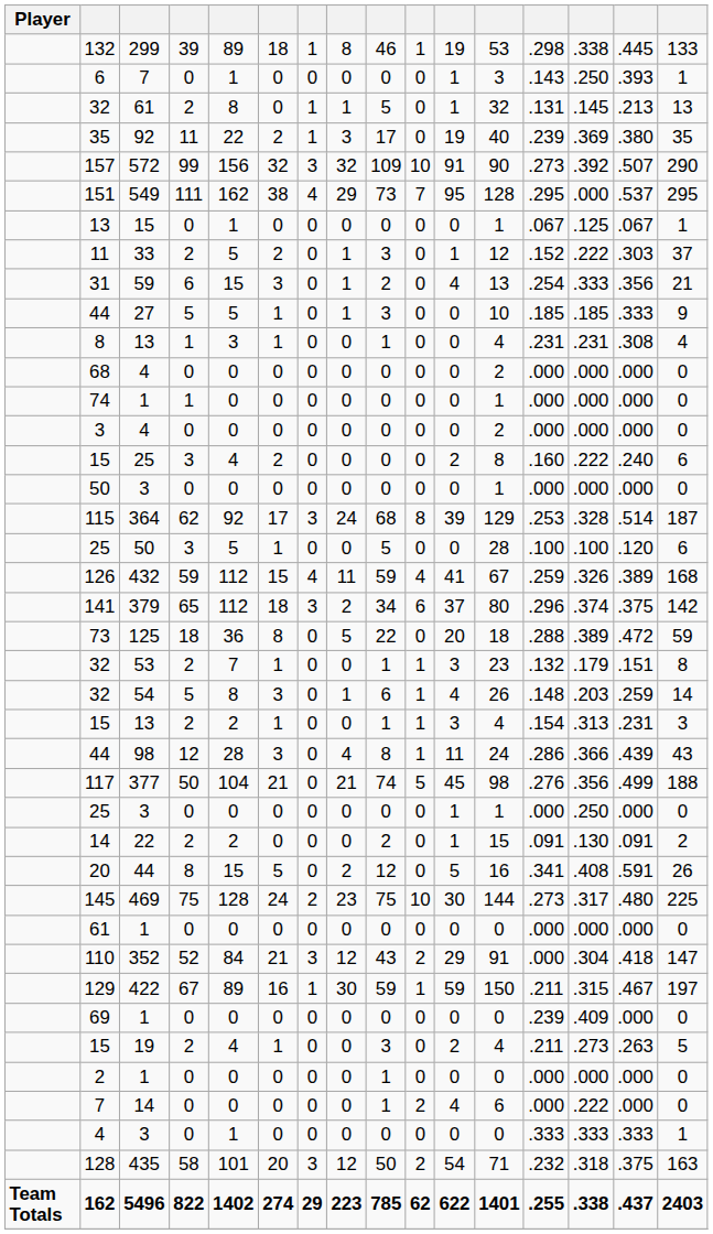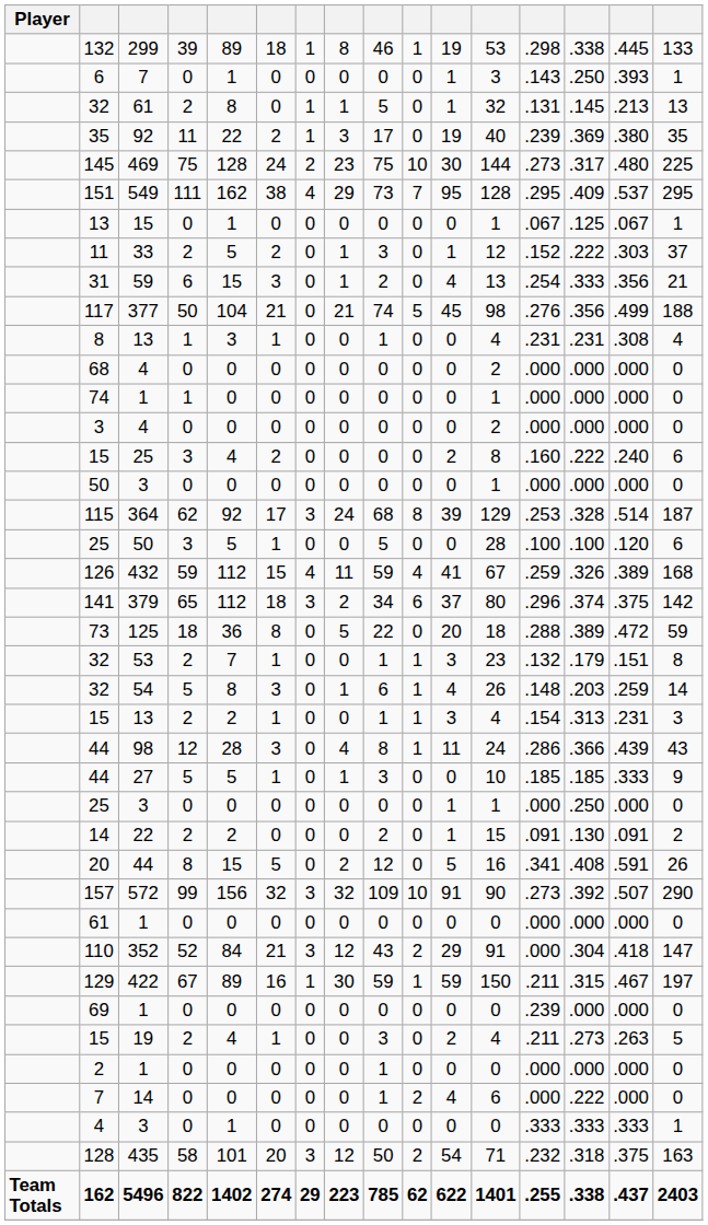 <table class="wikitable sortable" style="text-align:center;">
 <tr>
 <th>Player</th>
 <th></th>
 <th></th>
 <th></th>
 <th></th>
 <th></th>
 <th></th>
 <th></th>
 <th></th>
 <th></th>
 <th></th>
 <th></th>
 <th></th>
 <th></th>
 <th></th>
 <th></th>
 </tr>
 <tr>
 <td align=left></td>
 <td>132</td>
 <td>299</td>
 <td>39</td>
 <td>89</td>
 <td>18</td>
 <td>1</td>
 <td>8</td>
 <td>46</td>
 <td>1</td>
 <td>19</td>
 <td>53</td>
 <td>.298</td>
 <td>.338</td>
 <td>.445</td>
 <td>133</td>
 </tr>
 <tr>
 <td align=left></td>
 <td>6</td>
 <td>7</td>
 <td>0</td>
 <td>1</td>
 <td>0</td>
 <td>0</td>
 <td>0</td>
 <td>0</td>
 <td>0</td>
 <td>1</td>
 <td>3</td>
 <td>.143</td>
 <td>.250</td>
 <td>.393</td>
 <td>1</td>
 </tr>
 <tr>
 <td align=left></td>
 <td>32</td>
 <td>61</td>
 <td>2</td>
 <td>8</td>
 <td>0</td>
 <td>1</td>
 <td>1</td>
 <td>5</td>
 <td>0</td>
 <td>1</td>
 <td>32</td>
 <td>.131</td>
 <td>.145</td>
 <td>.213</td>
 <td>13</td>
 </tr>
 <tr>
 <td align=left></td>
 <td>35</td>
 <td>92</td>
 <td>11</td>
 <td>22</td>
 <td>2</td>
 <td>1</td>
 <td>3</td>
 <td>17</td>
 <td>0</td>
 <td>19</td>
 <td>40</td>
 <td>.239</td>
 <td>.369</td>
 <td>.380</td>
 <td>35</td>
 </tr>
 <tr>
 <td align=left></td>
-<td>157</td>
-<td>572</td>
-<td>99</td>
-<td>156</td>
-<td>32</td>
-<td>3</td>
-<td>32</td>
-<td>109</td>
+<td>145</td>
+<td>469</td>
+<td>75</td>
+<td>128</td>
+<td>24</td>
+<td>2</td>
+<td>23</td>
+<td>75</td>
 <td>10</td>
-<td>91</td>
-<td>90</td>
+<td>30</td>
+<td>144</td>
 <td>.273</td>
-<td>.392</td>
-<td>.507</td>
-<td>290</td>
+<td>.317</td>
+<td>.480</td>
+<td>225</td>
 </tr>
 <tr>
 <td align=left></td>
 <td>151</td>
 <td>549</td>
 <td>111</td>
 <td>162</td>
 <td>38</td>
 <td>4</td>
 <td>29</td>
 <td>73</td>
 <td>7</td>
 <td>95</td>
 <td>128</td>
 <td>.295</td>
-<td>.000</td>
+<td>.409</td>
 <td>.537</td>
 <td>295</td>
 </tr>
 <tr>
 <td align=left></td>
 <td>13</td>
 <td>15</td>
 <td>0</td>
 <td>1</td>
 <td>0</td>
 <td>0</td>
 <td>0</td>
 <td>0</td>
 <td>0</td>
 <td>0</td>
 <td>1</td>
 <td>.067</td>
 <td>.125</td>
 <td>.067</td>
 <td>1</td>
 </tr>
 <tr>
 <td align=left></td>
 <td>11</td>
 <td>33</td>
 <td>2</td>
 <td>5</td>
 <td>2</td>
 <td>0</td>
 <td>1</td>
 <td>3</td>
 <td>0</td>
 <td>1</td>
 <td>12</td>
 <td>.152</td>
 <td>.222</td>
 <td>.303</td>
 <td>37</td>
 </tr>
 <tr>
 <td align=left></td>
 <td>31</td>
 <td>59</td>
 <td>6</td>
 <td>15</td>
 <td>3</td>
 <td>0</td>
 <td>1</td>
 <td>2</td>
 <td>0</td>
 <td>4</td>
 <td>13</td>
 <td>.254</td>
 <td>.333</td>
 <td>.356</td>
 <td>21</td>
 </tr>
 <tr>
 <td align=left></td>
-<td>44</td>
-<td>27</td>
+<td>117</td>
+<td>377</td>
+<td>50</td>
+<td>104</td>
+<td>21</td>
+<td>0</td>
+<td>21</td>
+<td>74</td>
 <td>5</td>
-<td>5</td>
-<td>1</td>
-<td>0</td>
-<td>1</td>
-<td>3</td>
-<td>0</td>
-<td>0</td>
-<td>10</td>
-<td>.185</td>
-<td>.185</td>
-<td>.333</td>
-<td>9</td>
+<td>45</td>
+<td>98</td>
+<td>.276</td>
+<td>.356</td>
+<td>.499</td>
+<td>188</td>
 </tr>
 <tr>
 <td align=left></td>
 <td>8</td>
 <td>13</td>
 <td>1</td>
 <td>3</td>
 <td>1</td>
 <td>0</td>
 <td>0</td>
 <td>1</td>
 <td>0</td>
 <td>0</td>
 <td>4</td>
 <td>.231</td>
 <td>.231</td>
 <td>.308</td>
 <td>4</td>
 </tr>
 <tr>
 <td align=left></td>
 <td>68</td>
 <td>4</td>
 <td>0</td>
 <td>0</td>
 <td>0</td>
 <td>0</td>
 <td>0</td>
 <td>0</td>
 <td>0</td>
 <td>0</td>
 <td>2</td>
 <td>.000</td>
 <td>.000</td>
 <td>.000</td>
 <td>0</td>
 </tr>
 <tr>
 <td align=left></td>
 <td>74</td>
 <td>1</td>
 <td>1</td>
 <td>0</td>
 <td>0</td>
 <td>0</td>
 <td>0</td>
 <td>0</td>
 <td>0</td>
 <td>0</td>
 <td>1</td>
 <td>.000</td>
 <td>.000</td>
 <td>.000</td>
 <td>0</td>
 </tr>
 <tr>
 <td align=left></td>
 <td>3</td>
 <td>4</td>
 <td>0</td>
 <td>0</td>
 <td>0</td>
 <td>0</td>
 <td>0</td>
 <td>0</td>
 <td>0</td>
 <td>0</td>
 <td>2</td>
 <td>.000</td>
 <td>.000</td>
 <td>.000</td>
 <td>0</td>
 </tr>
 <tr>
 <td align=left></td>
 <td>15</td>
 <td>25</td>
 <td>3</td>
 <td>4</td>
 <td>2</td>
 <td>0</td>
 <td>0</td>
 <td>0</td>
 <td>0</td>
 <td>2</td>
 <td>8</td>
 <td>.160</td>
 <td>.222</td>
 <td>.240</td>
 <td>6</td>
 </tr>
 <tr>
 <td align=left></td>
 <td>50</td>
 <td>3</td>
 <td>0</td>
 <td>0</td>
 <td>0</td>
 <td>0</td>
 <td>0</td>
 <td>0</td>
 <td>0</td>
 <td>0</td>
 <td>1</td>
 <td>.000</td>
 <td>.000</td>
 <td>.000</td>
 <td>0</td>
 </tr>
 <tr>
 <td align=left></td>
 <td>115</td>
 <td>364</td>
 <td>62</td>
 <td>92</td>
 <td>17</td>
 <td>3</td>
 <td>24</td>
 <td>68</td>
 <td>8</td>
 <td>39</td>
 <td>129</td>
 <td>.253</td>
 <td>.328</td>
 <td>.514</td>
 <td>187</td>
 </tr>
 <tr>
 <td align=left></td>
 <td>25</td>
 <td>50</td>
 <td>3</td>
 <td>5</td>
 <td>1</td>
 <td>0</td>
 <td>0</td>
 <td>5</td>
 <td>0</td>
 <td>0</td>
 <td>28</td>
 <td>.100</td>
 <td>.100</td>
 <td>.120</td>
 <td>6</td>
 </tr>
 <tr>
 <td align=left></td>
 <td>126</td>
 <td>432</td>
 <td>59</td>
 <td>112</td>
 <td>15</td>
 <td>4</td>
 <td>11</td>
 <td>59</td>
 <td>4</td>
 <td>41</td>
 <td>67</td>
 <td>.259</td>
 <td>.326</td>
 <td>.389</td>
 <td>168</td>
 </tr>
 <tr>
 <td align=left></td>
 <td>141</td>
 <td>379</td>
 <td>65</td>
 <td>112</td>
 <td>18</td>
 <td>3</td>
 <td>2</td>
 <td>34</td>
 <td>6</td>
 <td>37</td>
 <td>80</td>
 <td>.296</td>
 <td>.374</td>
 <td>.375</td>
 <td>142</td>
 </tr>
 <tr>
 <td align=left></td>
 <td>73</td>
 <td>125</td>
 <td>18</td>
 <td>36</td>
 <td>8</td>
 <td>0</td>
 <td>5</td>
 <td>22</td>
 <td>0</td>
 <td>20</td>
 <td>18</td>
 <td>.288</td>
 <td>.389</td>
 <td>.472</td>
 <td>59</td>
 </tr>
 <tr>
 <td align=left></td>
 <td>32</td>
 <td>53</td>
 <td>2</td>
 <td>7</td>
 <td>1</td>
 <td>0</td>
 <td>0</td>
 <td>1</td>
 <td>1</td>
 <td>3</td>
 <td>23</td>
 <td>.132</td>
 <td>.179</td>
 <td>.151</td>
 <td>8</td>
 </tr>
 <tr>
 <td align=left></td>
 <td>32</td>
 <td>54</td>
 <td>5</td>
 <td>8</td>
 <td>3</td>
 <td>0</td>
 <td>1</td>
 <td>6</td>
 <td>1</td>
 <td>4</td>
 <td>26</td>
 <td>.148</td>
 <td>.203</td>
 <td>.259</td>
 <td>14</td>
 </tr>
 <tr>
 <td align=left></td>
 <td>15</td>
 <td>13</td>
 <td>2</td>
 <td>2</td>
 <td>1</td>
 <td>0</td>
 <td>0</td>
 <td>1</td>
 <td>1</td>
 <td>3</td>
 <td>4</td>
 <td>.154</td>
 <td>.313</td>
 <td>.231</td>
 <td>3</td>
 </tr>
 <tr>
 <td align=left></td>
 <td>44</td>
 <td>98</td>
 <td>12</td>
 <td>28</td>
 <td>3</td>
 <td>0</td>
 <td>4</td>
 <td>8</td>
 <td>1</td>
 <td>11</td>
 <td>24</td>
 <td>.286</td>
 <td>.366</td>
 <td>.439</td>
 <td>43</td>
 </tr>
 <tr>
 <td align=left></td>
-<td>117</td>
-<td>377</td>
-<td>50</td>
-<td>104</td>
-<td>21</td>
+<td>44</td>
+<td>27</td>
+<td>5</td>
+<td>5</td>
+<td>1</td>
 <td>0</td>
-<td>21</td>
-<td>74</td>
-<td>5</td>
-<td>45</td>
-<td>98</td>
-<td>.276</td>
-<td>.356</td>
-<td>.499</td>
-<td>188</td>
+<td>1</td>
+<td>3</td>
+<td>0</td>
+<td>0</td>
+<td>10</td>
+<td>.185</td>
+<td>.185</td>
+<td>.333</td>
+<td>9</td>
 </tr>
 <tr>
 <td align=left></td>
 <td>25</td>
 <td>3</td>
 <td>0</td>
 <td>0</td>
 <td>0</td>
 <td>0</td>
 <td>0</td>
 <td>0</td>
 <td>0</td>
 <td>1</td>
 <td>1</td>
 <td>.000</td>
 <td>.250</td>
 <td>.000</td>
 <td>0</td>
 </tr>
 <tr>
 <td align=left></td>
 <td>14</td>
 <td>22</td>
 <td>2</td>
 <td>2</td>
 <td>0</td>
 <td>0</td>
 <td>0</td>
 <td>2</td>
 <td>0</td>
 <td>1</td>
 <td>15</td>
 <td>.091</td>
 <td>.130</td>
 <td>.091</td>
 <td>2</td>
 </tr>
 <tr>
 <td align=left></td>
 <td>20</td>
 <td>44</td>
 <td>8</td>
 <td>15</td>
 <td>5</td>
 <td>0</td>
 <td>2</td>
 <td>12</td>
 <td>0</td>
 <td>5</td>
 <td>16</td>
 <td>.341</td>
 <td>.408</td>
 <td>.591</td>
 <td>26</td>
 </tr>
 <tr>
 <td align=left></td>
-<td>145</td>
-<td>469</td>
-<td>75</td>
-<td>128</td>
-<td>24</td>
-<td>2</td>
-<td>23</td>
-<td>75</td>
+<td>157</td>
+<td>572</td>
+<td>99</td>
+<td>156</td>
+<td>32</td>
+<td>3</td>
+<td>32</td>
+<td>109</td>
 <td>10</td>
-<td>30</td>
-<td>144</td>
+<td>91</td>
+<td>90</td>
 <td>.273</td>
-<td>.317</td>
-<td>.480</td>
-<td>225</td>
+<td>.392</td>
+<td>.507</td>
+<td>290</td>
 </tr>
 <tr>
 <td align=left></td>
 <td>61</td>
 <td>1</td>
 <td>0</td>
 <td>0</td>
 <td>0</td>
 <td>0</td>
 <td>0</td>
 <td>0</td>
 <td>0</td>
 <td>0</td>
 <td>0</td>
 <td>.000</td>
 <td>.000</td>
 <td>.000</td>
 <td>0</td>
 </tr>
 <tr>
 <td align=left></td>
 <td>110</td>
 <td>352</td>
 <td>52</td>
 <td>84</td>
 <td>21</td>
 <td>3</td>
 <td>12</td>
 <td>43</td>
 <td>2</td>
 <td>29</td>
 <td>91</td>
 <td>.000</td>
 <td>.304</td>
 <td>.418</td>
 <td>147</td>
 </tr>
 <tr>
 <td align=left></td>
 <td>129</td>
 <td>422</td>
 <td>67</td>
 <td>89</td>
 <td>16</td>
 <td>1</td>
 <td>30</td>
 <td>59</td>
 <td>1</td>
 <td>59</td>
 <td>150</td>
 <td>.211</td>
 <td>.315</td>
 <td>.467</td>
 <td>197</td>
 </tr>
 <tr>
 <td align=left></td>
 <td>69</td>
 <td>1</td>
 <td>0</td>
 <td>0</td>
 <td>0</td>
 <td>0</td>
 <td>0</td>
 <td>0</td>
 <td>0</td>
 <td>0</td>
 <td>0</td>
 <td>.239</td>
-<td>.409</td>
+<td>.000</td>
 <td>.000</td>
 <td>0</td>
 </tr>
 <tr>
 <td align=left></td>
 <td>15</td>
 <td>19</td>
 <td>2</td>
 <td>4</td>
 <td>1</td>
 <td>0</td>
 <td>0</td>
 <td>3</td>
 <td>0</td>
 <td>2</td>
 <td>4</td>
 <td>.211</td>
 <td>.273</td>
 <td>.263</td>
 <td>5</td>
 </tr>
 <tr>
 <td align=left></td>
 <td>2</td>
 <td>1</td>
 <td>0</td>
 <td>0</td>
 <td>0</td>
 <td>0</td>
 <td>0</td>
 <td>1</td>
 <td>0</td>
 <td>0</td>
 <td>0</td>
 <td>.000</td>
 <td>.000</td>
 <td>.000</td>
 <td>0</td>
 </tr>
 <tr>
 <td align=left></td>
 <td>7</td>
 <td>14</td>
 <td>0</td>
 <td>0</td>
 <td>0</td>
 <td>0</td>
 <td>0</td>
 <td>1</td>
 <td>2</td>
 <td>4</td>
 <td>6</td>
 <td>.000</td>
 <td>.222</td>
 <td>.000</td>
 <td>0</td>
 </tr>
 <tr>
 <td align=left></td>
 <td>4</td>
 <td>3</td>
 <td>0</td>
 <td>1</td>
 <td>0</td>
 <td>0</td>
 <td>0</td>
 <td>0</td>
 <td>0</td>
 <td>0</td>
 <td>0</td>
 <td>.333</td>
 <td>.333</td>
 <td>.333</td>
 <td>1</td>
 </tr>
 <tr>
 <td align=left></td>
 <td>128</td>
 <td>435</td>
 <td>58</td>
 <td>101</td>
 <td>20</td>
 <td>3</td>
 <td>12</td>
 <td>50</td>
 <td>2</td>
 <td>54</td>
 <td>71</td>
 <td>.232</td>
 <td>.318</td>
 <td>.375</td>
 <td>163</td>
 </tr>
 <tr>
 <td align=left><strong>Team Totals</strong></td>
 <td><strong>162</strong></td>
 <td><strong>5496</strong></td>
 <td><strong>822</strong></td>
 <td><strong>1402</strong></td>
 <td><strong>274</strong></td>
 <td><strong>29</strong></td>
 <td><strong>223</strong></td>
 <td><strong>785</strong></td>
 <td><strong>62</strong></td>
 <td><strong>622</strong></td>
 <td><strong>1401</strong></td>
 <td><strong>.255</strong></td>
 <td><strong>.338</strong></td>
 <td><strong>.437</strong></td>
 <td><strong>2403</strong></td>
 </tr>
 <tr class="sortbottom|}">
 </tr>
 </table>
